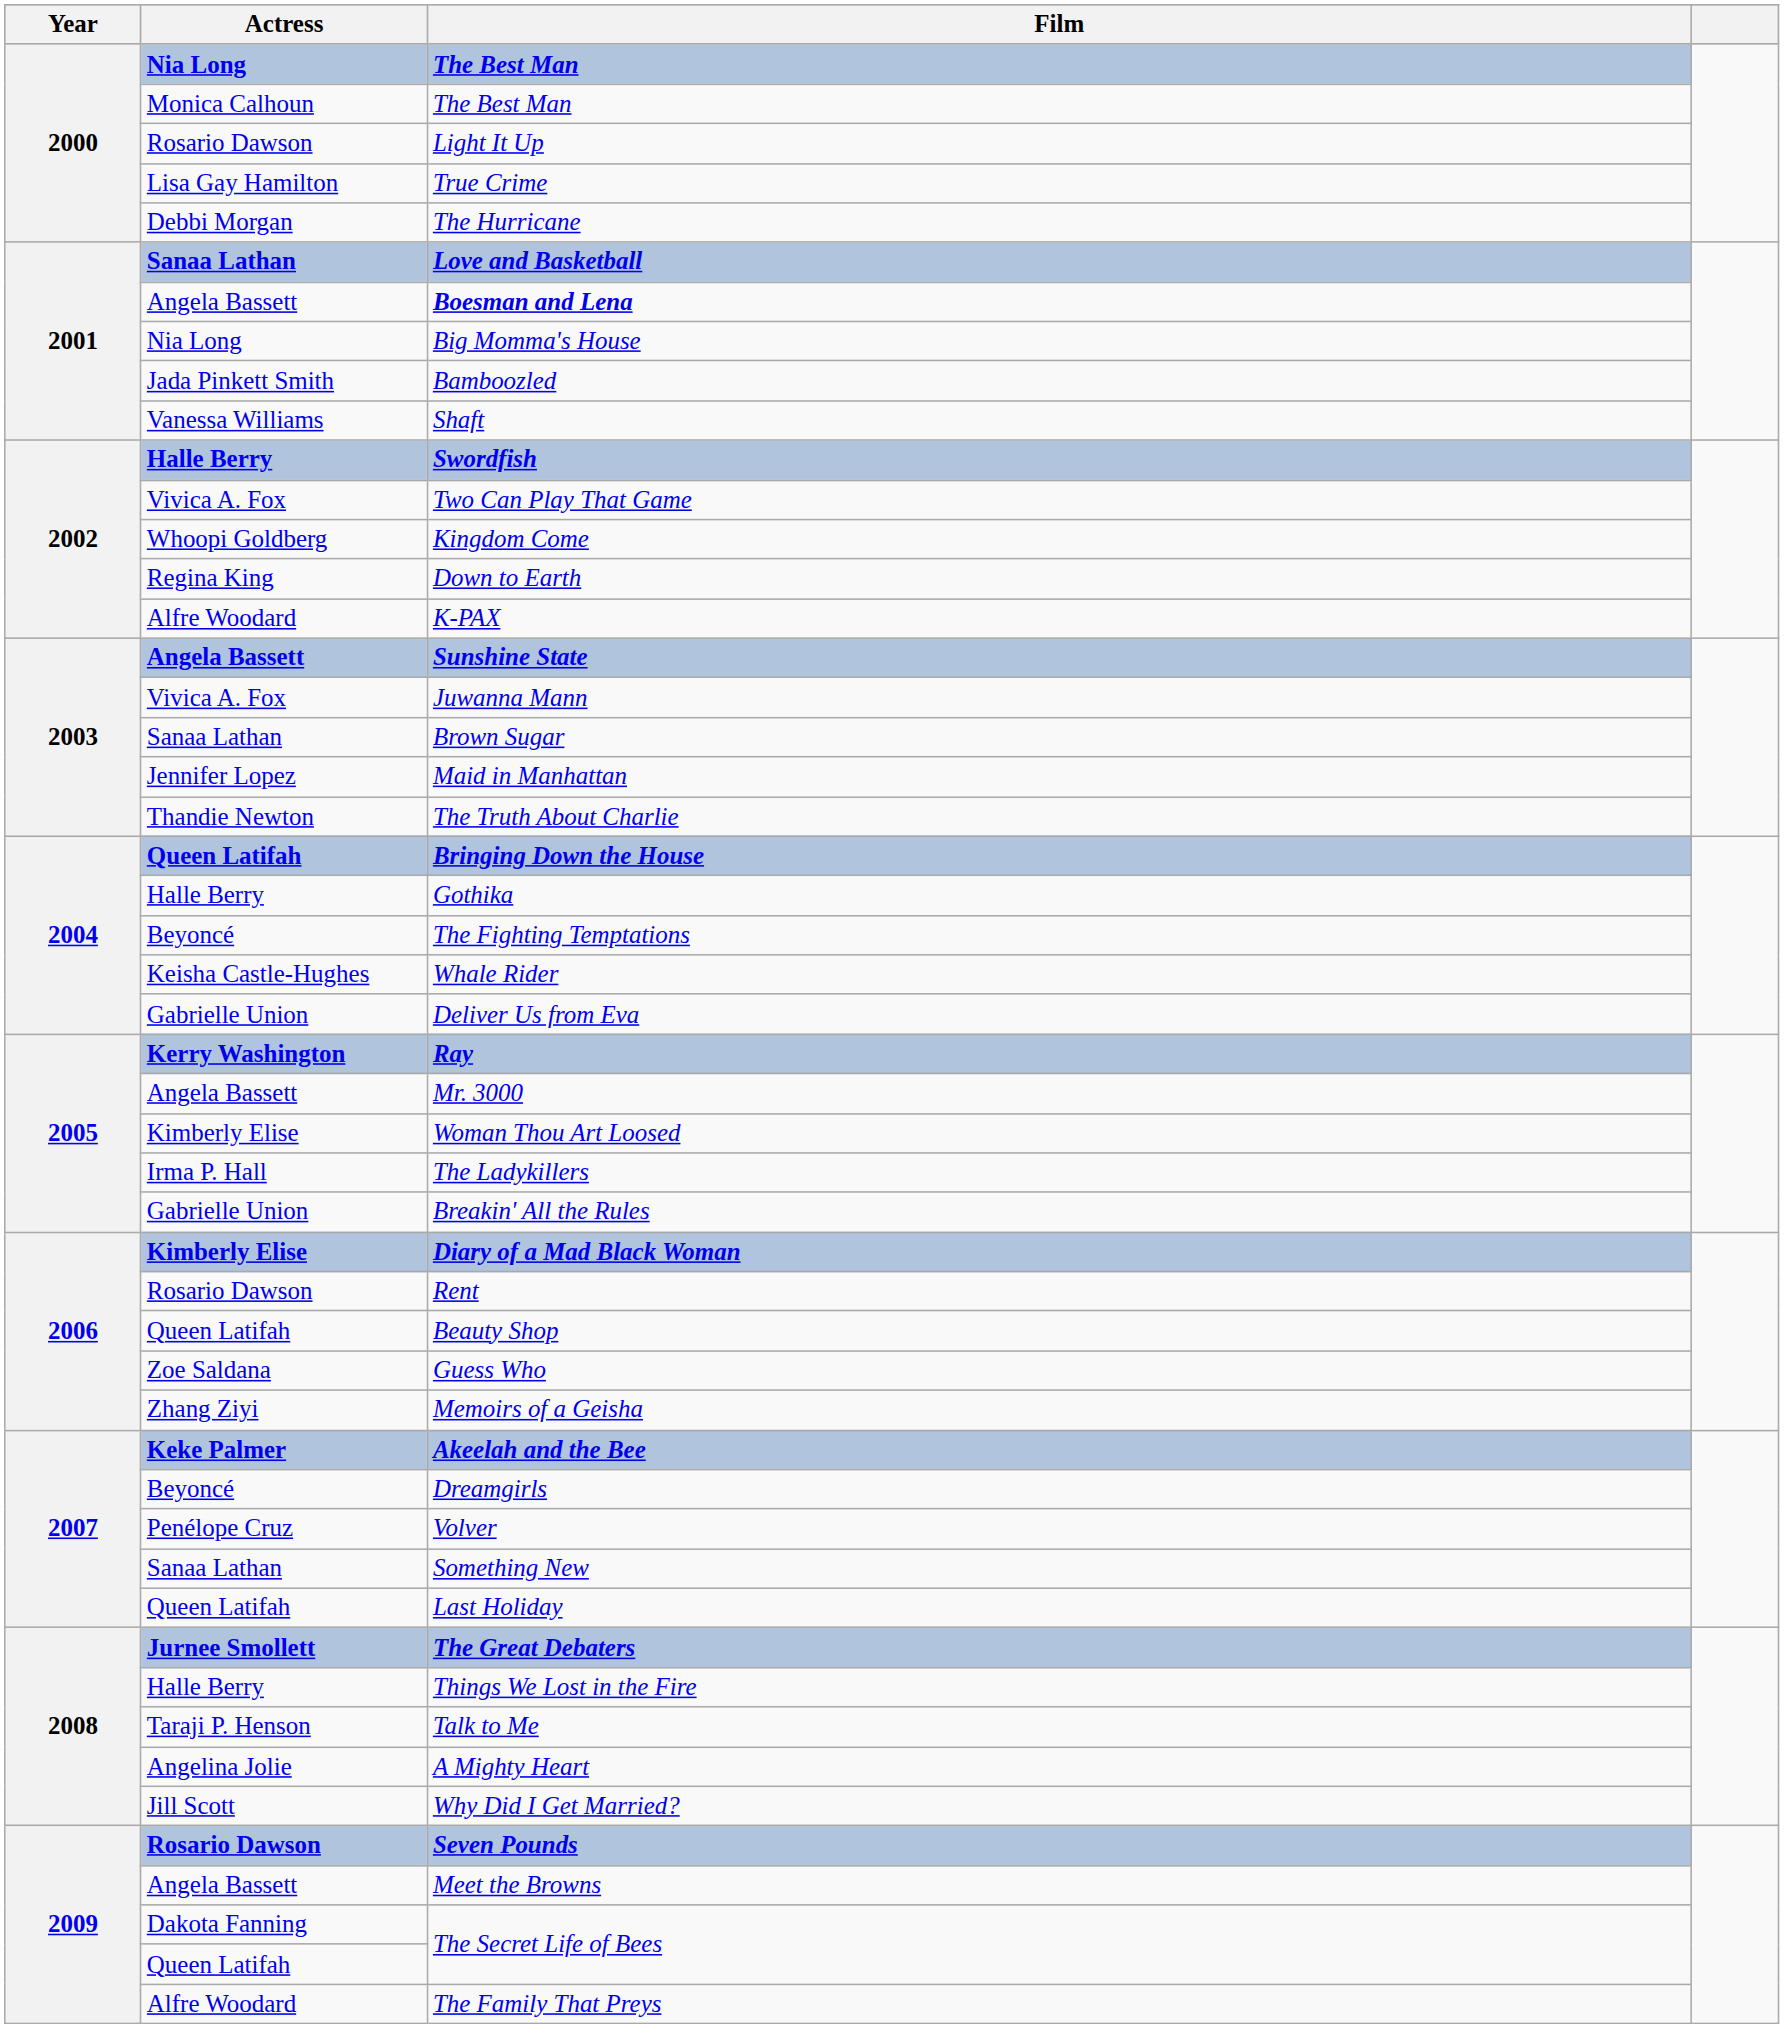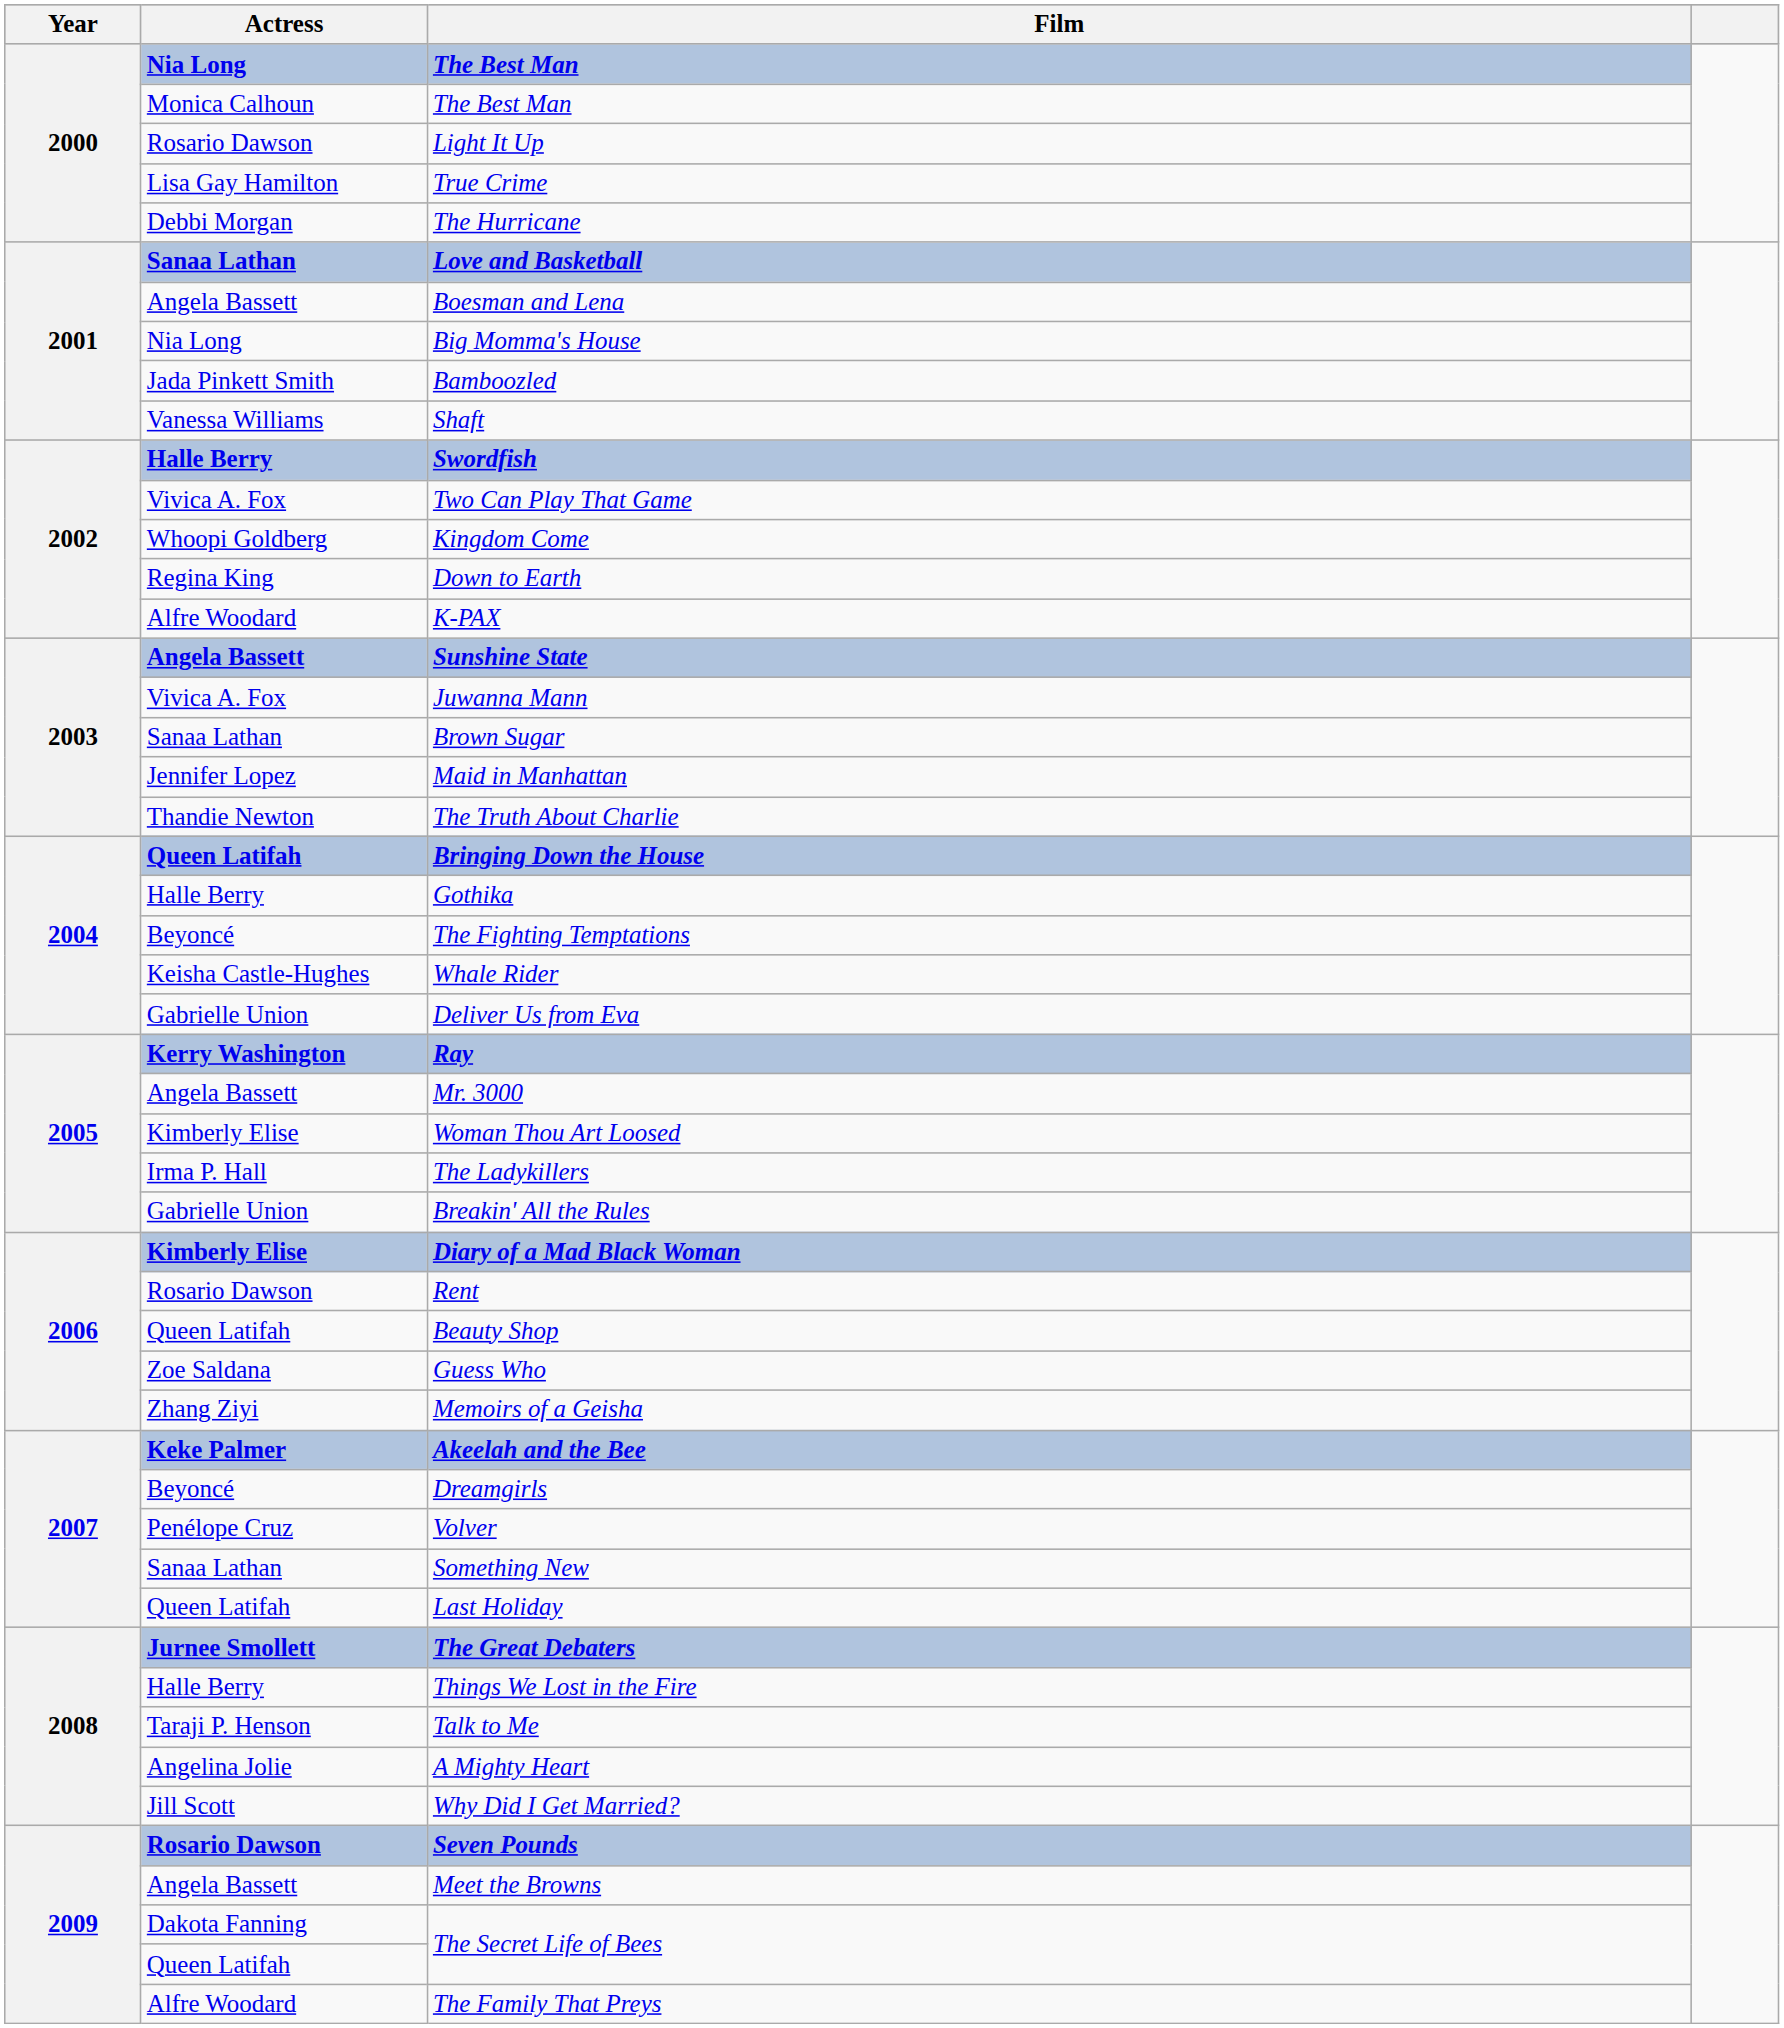 <table class="wikitable" style="width:90%;">
 <tr style="background:#bebebe;">
 <th scope="col" style="width:5em;">Year</th>
 <th scope="col" style="width:11em;">Actress</th>
 <th scope="col">Film</th>
 <th scope="col" style="width:3em;"></th>
 </tr>
 <tr>
 <th scope="row" rowspan="5">2000</th>
 <td style="background:#B0C4DE; font-weight:bold;"><a href='#'>Nia Long</a></td>
 <td style="background:#B0C4DE; font-weight:bold;"><em><a href='#'>The Best Man</a></em></td>
 <td rowspan="5" style="text-align:center;"></td>
 </tr>
 <tr>
 <td><a href='#'>Monica Calhoun</a></td>
 <td><em><a href='#'>The Best Man</a></em></td>
 </tr>
 <tr>
 <td><a href='#'>Rosario Dawson</a></td>
 <td><em><a href='#'>Light It Up</a></em></td>
 </tr>
 <tr>
 <td><a href='#'>Lisa Gay Hamilton</a></td>
 <td><em><a href='#'>True Crime</a></em></td>
 </tr>
 <tr>
 <td><a href='#'>Debbi Morgan</a></td>
 <td><em><a href='#'>The Hurricane</a></em></td>
 </tr>
 <tr>
 <th scope="row" rowspan="5">2001</th>
 <td style="background:#B0C4DE; font-weight:bold;"><a href='#'>Sanaa Lathan</a></td>
 <td style="background:#B0C4DE; font-weight:bold;"><em><a href='#'>Love and Basketball</a></em></td>
 <td rowspan="5" style="text-align:center;"></td>
 </tr>
 <tr>
 <td><a href='#'>Angela Bassett</a></td>
-<td><strong><em><a href='#'>Boesman and Lena</a></em></strong></td>
+<td><em><a href='#'>Boesman and Lena</a></em></td>
 </tr>
 <tr>
 <td><a href='#'>Nia Long</a></td>
 <td><em><a href='#'>Big Momma's House</a></em></td>
 </tr>
 <tr>
 <td><a href='#'>Jada Pinkett Smith</a></td>
 <td><em><a href='#'>Bamboozled</a></em></td>
 </tr>
 <tr>
 <td><a href='#'>Vanessa Williams</a></td>
 <td><em><a href='#'>Shaft</a></em></td>
 </tr>
 <tr>
 <th scope="row" rowspan="5">2002</th>
 <td style="background:#B0C4DE; font-weight:bold;"><a href='#'>Halle Berry</a></td>
 <td style="background:#B0C4DE; font-weight:bold;"><em><a href='#'>Swordfish</a></em></td>
 <td rowspan="5" style="text-align:center;"></td>
 </tr>
 <tr>
 <td><a href='#'>Vivica A. Fox</a></td>
 <td><em><a href='#'>Two Can Play That Game</a></em></td>
 </tr>
 <tr>
 <td><a href='#'>Whoopi Goldberg</a></td>
 <td><em><a href='#'>Kingdom Come</a></em></td>
 </tr>
 <tr>
 <td><a href='#'>Regina King</a></td>
 <td><em><a href='#'>Down to Earth</a></em></td>
 </tr>
 <tr>
 <td><a href='#'>Alfre Woodard</a></td>
 <td><em><a href='#'>K-PAX</a></em></td>
 </tr>
 <tr>
 <th scope="row" rowspan="5">2003</th>
 <td style="background:#B0C4DE; font-weight:bold;"><a href='#'>Angela Bassett</a></td>
 <td style="background:#B0C4DE; font-weight:bold;"><em><a href='#'>Sunshine State</a></em></td>
 <td rowspan="5" style="text-align:center;"></td>
 </tr>
 <tr>
 <td><a href='#'>Vivica A. Fox</a></td>
 <td><em><a href='#'>Juwanna Mann</a></em></td>
 </tr>
 <tr>
 <td><a href='#'>Sanaa Lathan</a></td>
 <td><em><a href='#'>Brown Sugar</a></em></td>
 </tr>
 <tr>
 <td><a href='#'>Jennifer Lopez</a></td>
 <td><em><a href='#'>Maid in Manhattan</a></em></td>
 </tr>
 <tr>
 <td><a href='#'>Thandie Newton</a></td>
 <td><em><a href='#'>The Truth About Charlie</a></em></td>
 </tr>
 <tr>
 <th scope="row" rowspan="5"><a href='#'>2004</a></th>
 <td style="background:#B0C4DE; font-weight:bold;"><a href='#'>Queen Latifah</a></td>
 <td style="background:#B0C4DE; font-weight:bold;"><em><a href='#'>Bringing Down the House</a></em></td>
 <td rowspan="5" style="text-align:center;"></td>
 </tr>
 <tr>
 <td><a href='#'>Halle Berry</a></td>
 <td><em><a href='#'>Gothika</a></em></td>
 </tr>
 <tr>
 <td><a href='#'>Beyoncé</a></td>
 <td><em><a href='#'>The Fighting Temptations</a></em></td>
 </tr>
 <tr>
 <td><a href='#'>Keisha Castle-Hughes</a></td>
 <td><em><a href='#'>Whale Rider</a></em></td>
 </tr>
 <tr>
 <td><a href='#'>Gabrielle Union</a></td>
 <td><em><a href='#'>Deliver Us from Eva</a></em></td>
 </tr>
 <tr>
 <th scope="row" rowspan="5"><a href='#'>2005</a></th>
 <td style="background:#B0C4DE; font-weight:bold;"><a href='#'>Kerry Washington</a></td>
 <td style="background:#B0C4DE; font-weight:bold;"><em><a href='#'>Ray</a></em></td>
 <td rowspan="5" style="text-align:center;"></td>
 </tr>
 <tr>
 <td><a href='#'>Angela Bassett</a></td>
 <td><em><a href='#'>Mr. 3000</a></em></td>
 </tr>
 <tr>
 <td><a href='#'>Kimberly Elise</a></td>
 <td><em><a href='#'>Woman Thou Art Loosed</a></em></td>
 </tr>
 <tr>
 <td><a href='#'>Irma P. Hall</a></td>
 <td><em><a href='#'>The Ladykillers</a></em></td>
 </tr>
 <tr>
 <td><a href='#'>Gabrielle Union</a></td>
 <td><em><a href='#'>Breakin' All the Rules</a></em></td>
 </tr>
 <tr>
 <th scope="row" rowspan="5"><a href='#'>2006</a></th>
 <td style="background:#B0C4DE; font-weight:bold;"><a href='#'>Kimberly Elise</a></td>
 <td style="background:#B0C4DE; font-weight:bold;"><em><a href='#'>Diary of a Mad Black Woman</a></em></td>
 <td rowspan="5" style="text-align:center;"></td>
 </tr>
 <tr>
 <td><a href='#'>Rosario Dawson</a></td>
 <td><em><a href='#'>Rent</a></em></td>
 </tr>
 <tr>
 <td><a href='#'>Queen Latifah</a></td>
 <td><em><a href='#'>Beauty Shop</a></em></td>
 </tr>
 <tr>
 <td><a href='#'>Zoe Saldana</a></td>
 <td><em><a href='#'>Guess Who</a></em></td>
 </tr>
 <tr>
 <td><a href='#'>Zhang Ziyi</a></td>
 <td><em><a href='#'>Memoirs of a Geisha</a></em></td>
 </tr>
 <tr>
 <th scope="row" rowspan="5"><a href='#'>2007</a></th>
 <td style="background:#B0C4DE; font-weight:bold;"><a href='#'>Keke Palmer</a></td>
 <td style="background:#B0C4DE; font-weight:bold;"><em><a href='#'>Akeelah and the Bee</a></em></td>
 <td rowspan="5" style="text-align:center;"></td>
 </tr>
 <tr>
 <td><a href='#'>Beyoncé</a></td>
 <td><em><a href='#'>Dreamgirls</a></em></td>
 </tr>
 <tr>
 <td><a href='#'>Penélope Cruz</a></td>
 <td><em><a href='#'>Volver</a></em></td>
 </tr>
 <tr>
 <td><a href='#'>Sanaa Lathan</a></td>
 <td><em><a href='#'>Something New</a></em></td>
 </tr>
 <tr>
 <td><a href='#'>Queen Latifah</a></td>
 <td><em><a href='#'>Last Holiday</a></em></td>
 </tr>
 <tr>
 <th scope="row" rowspan="5">2008</th>
 <td style="background:#B0C4DE; font-weight:bold;"><a href='#'>Jurnee Smollett</a></td>
 <td style="background:#B0C4DE; font-weight:bold;"><em><a href='#'>The Great Debaters</a></em></td>
 <td rowspan="5" style="text-align:center;"></td>
 </tr>
 <tr>
 <td><a href='#'>Halle Berry</a></td>
 <td><em><a href='#'>Things We Lost in the Fire</a></em></td>
 </tr>
 <tr>
 <td><a href='#'>Taraji P. Henson</a></td>
 <td><em><a href='#'>Talk to Me</a></em></td>
 </tr>
 <tr>
 <td><a href='#'>Angelina Jolie</a></td>
 <td><em><a href='#'>A Mighty Heart</a></em></td>
 </tr>
 <tr>
 <td><a href='#'>Jill Scott</a></td>
 <td><em><a href='#'>Why Did I Get Married?</a></em></td>
 </tr>
 <tr>
 <th scope="row" rowspan="5"><a href='#'>2009</a></th>
 <td style="background:#B0C4DE; font-weight:bold;"><a href='#'>Rosario Dawson</a></td>
 <td style="background:#B0C4DE; font-weight:bold;"><em><a href='#'>Seven Pounds</a></em></td>
 <td rowspan="5" style="text-align:center;"></td>
 </tr>
 <tr>
 <td><a href='#'>Angela Bassett</a></td>
 <td><em><a href='#'>Meet the Browns</a></em></td>
 </tr>
 <tr>
 <td><a href='#'>Dakota Fanning</a></td>
 <td rowspan="2"><em><a href='#'>The Secret Life of Bees</a></em></td>
 </tr>
 <tr>
 <td><a href='#'>Queen Latifah</a></td>
 </tr>
 <tr>
 <td><a href='#'>Alfre Woodard</a></td>
 <td><em><a href='#'>The Family That Preys</a></em></td>
 </tr>
 </table>
